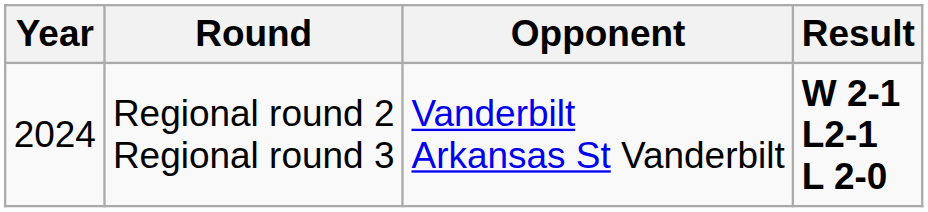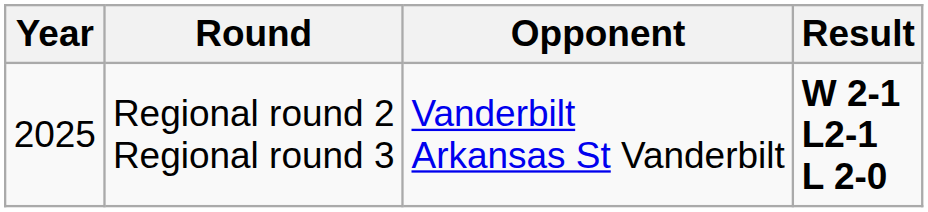 <table class="wikitable">
 <tr>
 <th>Year</th>
 <th>Round</th>
 <th>Opponent</th>
 <th>Result</th>
 </tr>
 <tr>
-<td>2024</td>
+<td>2025</td>
 <td>Regional round 2<br>Regional round 3</td>
 <td><a href='#'>Vanderbilt</a><br><a href='#'>Arkansas St</a> Vanderbilt</td>
 <td><strong>W 2-1<br>L2-1<br>L 2-0</strong></td>
 </tr>
 </table>
